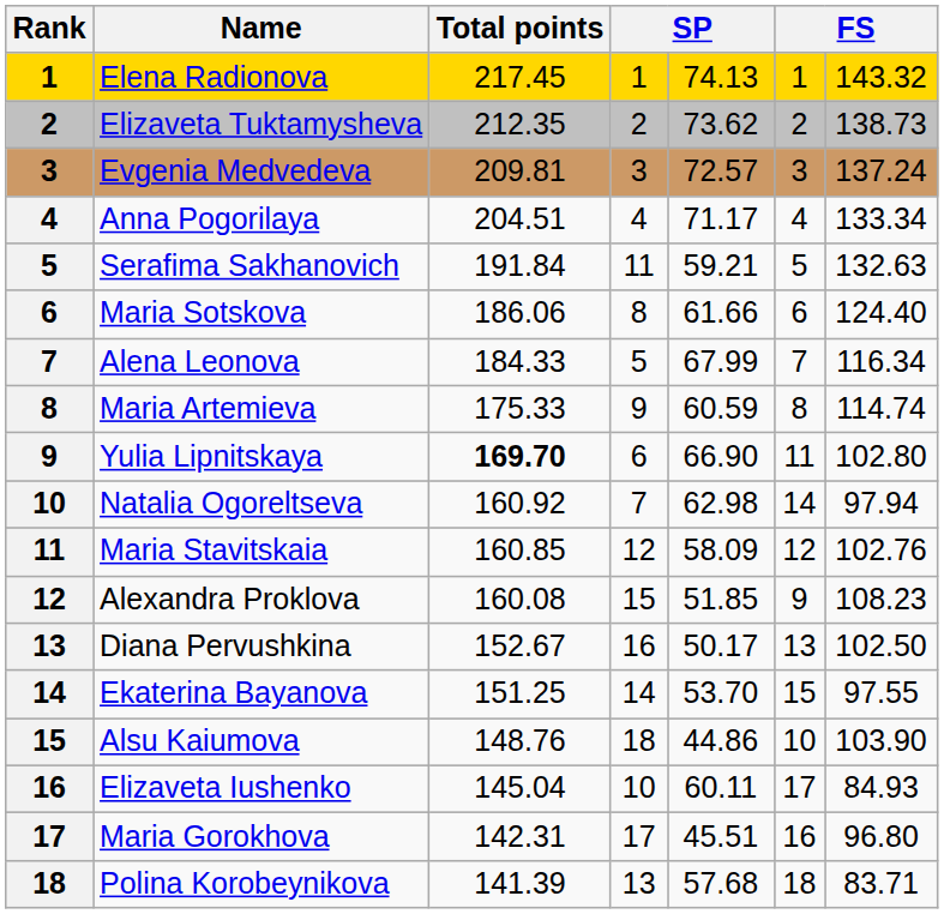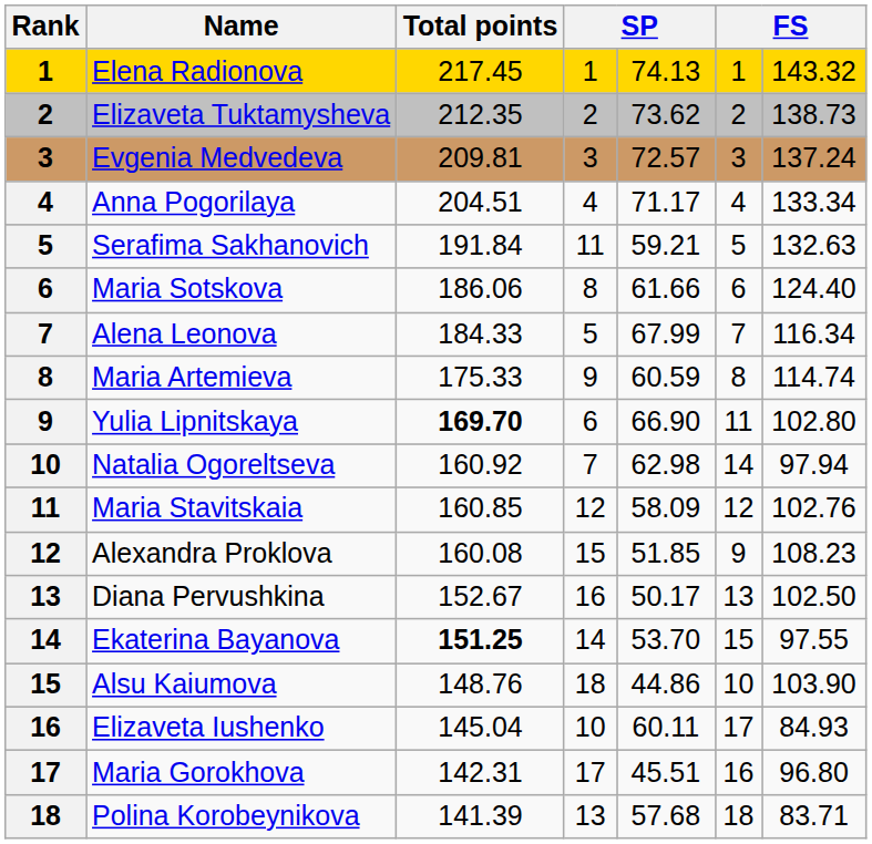 <table class="wikitable sortable">
 <tr>
 <th>Rank</th>
 <th>Name</th>
 <th>Total points</th>
 <th colspan="2" width="80px"><a href='#'>SP</a></th>
 <th colspan="2" width="80px"><a href='#'>FS</a></th>
 </tr>
 <tr bgcolor="gold">
 <td align="center"><strong>1</strong></td>
 <td><a href='#'>Elena Radionova</a></td>
 <td align="center">217.45</td>
 <td align="center">1</td>
 <td align="center">74.13</td>
 <td align="center">1</td>
 <td align="center">143.32</td>
 </tr>
 <tr bgcolor="silver">
 <td align="center"><strong>2</strong></td>
 <td><a href='#'>Elizaveta Tuktamysheva</a></td>
 <td align="center">212.35</td>
 <td align="center">2</td>
 <td align="center">73.62</td>
 <td align="center">2</td>
 <td align="center">138.73</td>
 </tr>
 <tr bgcolor="cc9966">
 <td align="center"><strong>3</strong></td>
 <td><a href='#'>Evgenia Medvedeva</a></td>
 <td align="center">209.81</td>
 <td align="center">3</td>
 <td align="center">72.57</td>
 <td align="center">3</td>
 <td align="center">137.24</td>
 </tr>
 <tr>
 <th>4</th>
 <td><a href='#'>Anna Pogorilaya</a></td>
 <td align="center">204.51</td>
 <td align="center">4</td>
 <td align="center">71.17</td>
 <td align="center">4</td>
 <td align="center">133.34</td>
 </tr>
 <tr>
 <th>5</th>
 <td><a href='#'>Serafima Sakhanovich</a></td>
 <td align="center">191.84</td>
 <td align="center">11</td>
 <td align="center">59.21</td>
 <td align="center">5</td>
 <td align="center">132.63</td>
 </tr>
 <tr>
 <th>6</th>
 <td><a href='#'>Maria Sotskova</a></td>
 <td align="center">186.06</td>
 <td align="center">8</td>
 <td align="center">61.66</td>
 <td align="center">6</td>
 <td align="center">124.40</td>
 </tr>
 <tr>
 <th>7</th>
 <td><a href='#'>Alena Leonova</a></td>
 <td align="center">184.33</td>
 <td align="center">5</td>
 <td align="center">67.99</td>
 <td align="center">7</td>
 <td align="center">116.34</td>
 </tr>
 <tr>
 <th>8</th>
 <td><a href='#'>Maria Artemieva</a></td>
 <td align="center">175.33</td>
 <td align="center">9</td>
 <td align="center">60.59</td>
 <td align="center">8</td>
 <td align="center">114.74</td>
 </tr>
 <tr>
 <th>9</th>
 <td><a href='#'>Yulia Lipnitskaya</a></td>
 <td align="center"><strong>169.70</strong></td>
 <td align="center">6</td>
 <td align="center">66.90</td>
 <td align="center">11</td>
 <td align="center">102.80</td>
 </tr>
 <tr>
 <th>10</th>
 <td><a href='#'>Natalia Ogoreltseva</a></td>
 <td align="center">160.92</td>
 <td align="center">7</td>
 <td align="center">62.98</td>
 <td align="center">14</td>
 <td align="center">97.94</td>
 </tr>
 <tr>
 <th>11</th>
 <td><a href='#'>Maria Stavitskaia</a></td>
 <td align="center">160.85</td>
 <td align="center">12</td>
 <td align="center">58.09</td>
 <td align="center">12</td>
 <td align="center">102.76</td>
 </tr>
 <tr>
 <th>12</th>
 <td>Alexandra Proklova</td>
 <td align="center">160.08</td>
 <td align="center">15</td>
 <td align="center">51.85</td>
 <td align="center">9</td>
 <td align="center">108.23</td>
 </tr>
 <tr>
 <th>13</th>
 <td>Diana Pervushkina</td>
 <td align="center">152.67</td>
 <td align="center">16</td>
 <td align="center">50.17</td>
 <td align="center">13</td>
 <td align="center">102.50</td>
 </tr>
 <tr>
 <th>14</th>
 <td><a href='#'>Ekaterina Bayanova</a></td>
-<td align="center">151.25</td>
+<td align="center"><strong>151.25</strong></td>
 <td align="center">14</td>
 <td align="center">53.70</td>
 <td align="center">15</td>
 <td align="center">97.55</td>
 </tr>
 <tr>
 <th>15</th>
 <td><a href='#'>Alsu Kaiumova</a></td>
 <td align="center">148.76</td>
 <td align="center">18</td>
 <td align="center">44.86</td>
 <td align="center">10</td>
 <td align="center">103.90</td>
 </tr>
 <tr>
 <th>16</th>
 <td><a href='#'>Elizaveta Iushenko</a></td>
 <td align="center">145.04</td>
 <td align="center">10</td>
 <td align="center">60.11</td>
 <td align="center">17</td>
 <td align="center">84.93</td>
 </tr>
 <tr>
 <th>17</th>
 <td><a href='#'>Maria Gorokhova</a></td>
 <td align="center">142.31</td>
 <td align="center">17</td>
 <td align="center">45.51</td>
 <td align="center">16</td>
 <td align="center">96.80</td>
 </tr>
 <tr>
 <th>18</th>
 <td><a href='#'>Polina Korobeynikova</a></td>
 <td align="center">141.39</td>
 <td align="center">13</td>
 <td align="center">57.68</td>
 <td align="center">18</td>
 <td align="center">83.71</td>
 </tr>
 </table>
